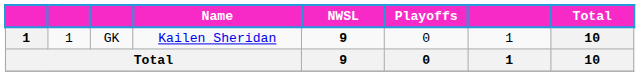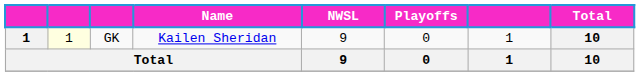 <table class="wikitable" style="text-align:center;">
 <tr>
 <th style="background:#f72ac7; color:white; border:2px solid #2597d9; width:35px;" scope="col"></th>
 <th style="background:#f72ac7; color:white; border:2px solid #2597d9; width:35px;" scope="col"></th>
 <th style="background:#f72ac7; color:white; border:2px solid #2597d9; width:35px;" scope="col"></th>
 <th style="background:#f72ac7; color:white; border:2px solid #2597d9; width:160px;" scope="col">Name</th>
 <th style="background:#f72ac7; color:white; border:2px solid #2597d9; width:75px;" scope="col">NWSL</th>
 <th style="background:#f72ac7; color:white; border:2px solid #2597d9; width:75px;" scope="col">Playoffs</th>
 <th style="background:#f72ac7; color:white; border:2px solid #2597d9; width:75px;" scope="col"></th>
 <th style="background:#f72ac7; color:white; border:2px solid #2597d9; width:75px;" scope="col">Total</th>
 </tr>
 <tr>
 <th scope="row">1</th>
-<td>1</td>
+<td style="background: lightyellow;">1</td>
 <td>GK</td>
 <td> <a href='#'>Kailen Sheridan</a></td>
-<td><strong>9</strong></td>
+<td>9</td>
 <td>0</td>
 <td>1</td>
 <th>10</th>
 </tr>
 <tr>
 <th colspan=4 scope="row">Total</th>
 <th>9</th>
 <th>0</th>
 <th>1</th>
 <th>10</th>
 </tr>
 <tr>
 </tr>
 </table>
